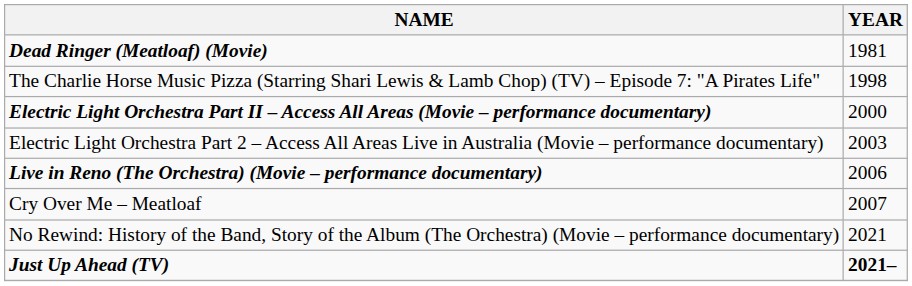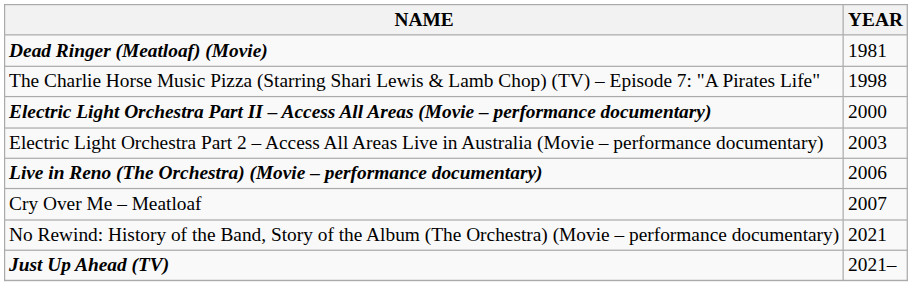 <table class="wikitable">
 <tr>
 <th>NAME</th>
 <th>YEAR</th>
 </tr>
 <tr>
 <td><strong><em>Dead Ringer<strong> (Meatloaf) (Movie)<em></td>
 <td>1981</td>
 </tr>
 <tr>
 <td></em></strong>The Charlie Horse Music Pizza</strong> (Starring Shari Lewis & Lamb Chop) (TV) – Episode 7: "A Pirates Life"</em></td>
 <td>1998</td>
 </tr>
 <tr>
 <td><strong><em>Electric Light Orchestra Part II – Access All Areas<strong> (Movie – performance documentary)<em></td>
 <td>2000</td>
 </tr>
 <tr>
 <td></em></strong>Electric Light Orchestra Part 2 – Access All Areas Live in Australia</strong> (Movie – performance documentary)</em></td>
 <td>2003</td>
 </tr>
 <tr>
 <td><strong><em>Live in Reno<strong> (The Orchestra) (Movie – performance documentary)<em></td>
 <td>2006</td>
 </tr>
 <tr>
 <td></em></strong>Cry Over Me – Meatloaf<strong><em></td>
 <td>2007</td>
 </tr>
 <tr>
 <td></em></strong>No Rewind: History of the Band, Story of the Album</strong> (The Orchestra) (Movie – performance documentary)</em></td>
 <td>2021</td>
 </tr>
 <tr>
 <td><strong><em>Just Up Ahead<strong> (TV)<em></td>
-<td><strong>2021–</strong></td>
+<td>2021–</td>
 </tr>
 <tr>
 </tr>
 </table>
